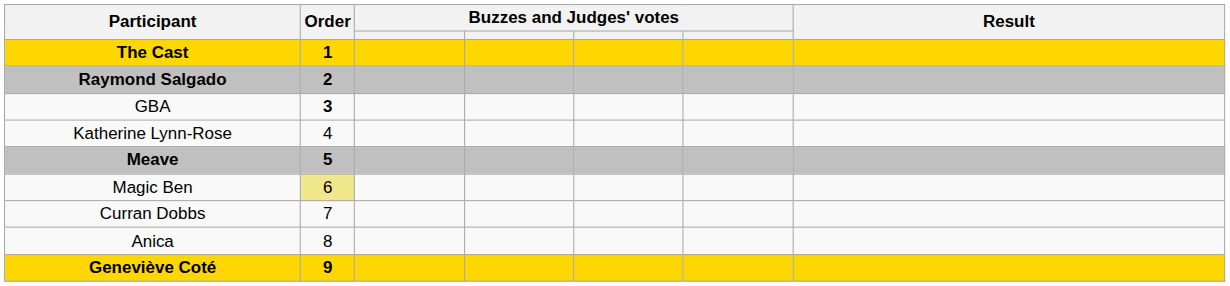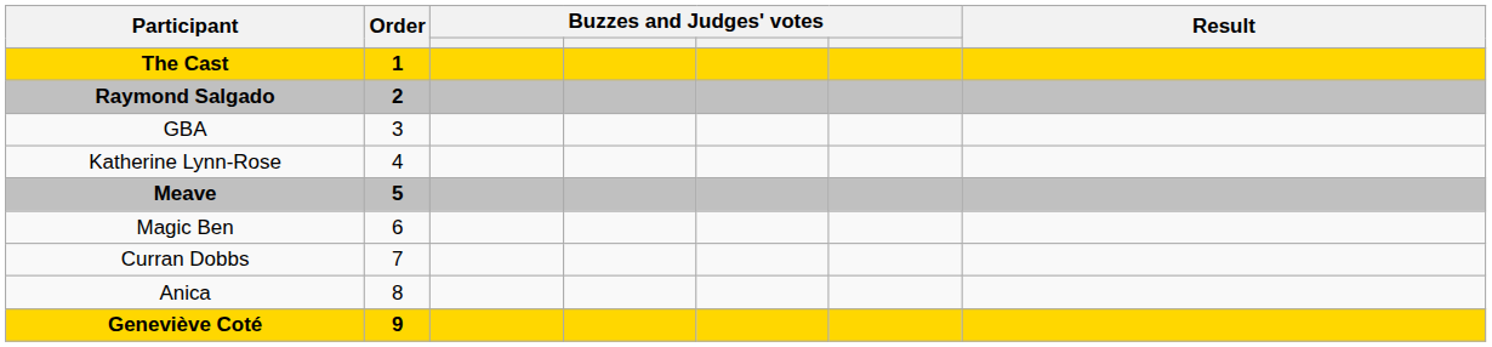 <table class="wikitable plainrowheaders sortable" style="text-align:center;">
 <tr>
 <th scope="col" rowspan="2" class="unsortable" style="width:17em;">Participant</th>
 <th scope="col" rowspan="2" style="width:1em;">Order</th>
 <th scope="col" colspan="4" class="unsortable" style="width:24em;">Buzzes and Judges' votes</th>
 <th scope="col" rowspan="2" style="width:25em;">Result</th>
 </tr>
 <tr>
 <th scope="col" class="unsortable" style="width:6em;"></th>
 <th scope="col" class="unsortable" style="width:6em;"></th>
 <th scope="col" class="unsortable" style="width:6em;"></th>
 <th scope="col" class="unsortable" style="width:6em;"></th>
 </tr>
 <tr style="background:gold;">
 <td><strong>The Cast</strong></td>
 <td><strong>1</strong></td>
 <td style="text-align:center"></td>
 <td style="text-align:center"></td>
 <td style="text-align:center"></td>
 <td style="text-align:center"></td>
 <td><strong></strong></td>
 </tr>
 <tr style="background:silver;">
 <td><strong>Raymond Salgado</strong></td>
 <td><strong>2</strong></td>
 <td style="text-align:center"></td>
 <td style="text-align:center"></td>
 <td style="text-align:center"></td>
 <td style="text-align:center"></td>
 <td><strong></strong></td>
 </tr>
 <tr>
 <td>GBA</td>
-<td><strong>3</strong></td>
+<td>3</td>
 <td style="text-align:center"></td>
 <td style="text-align:center"></td>
 <td style="text-align:center"></td>
 <td style="text-align:center"></td>
 <td></td>
 </tr>
 <tr>
 <td>Katherine Lynn-Rose</td>
 <td>4</td>
 <td style="text-align:center"></td>
 <td style="text-align:center"></td>
 <td style="text-align:center"></td>
 <td style="text-align:center"></td>
 <td></td>
 </tr>
 <tr style="background:silver;">
 <td><strong>Meave</strong></td>
 <td><strong>5</strong></td>
 <td style="text-align:center"></td>
 <td style="text-align:center"></td>
 <td style="text-align:center"></td>
 <td style="text-align:center"></td>
 <td><strong></strong></td>
 </tr>
 <tr>
 <td>Magic Ben</td>
-<td style="background: khaki;">6</td>
+<td>6</td>
 <td style="text-align:center"></td>
 <td style="text-align:center"></td>
 <td style="text-align:center"></td>
 <td style="text-align:center"></td>
 <td></td>
 </tr>
 <tr>
 <td>Curran Dobbs</td>
 <td>7</td>
 <td style="text-align:center"></td>
 <td style="text-align:center"></td>
 <td style="text-align:center"></td>
 <td style="text-align:center"></td>
 <td></td>
 </tr>
 <tr>
 <td>Anica</td>
 <td>8</td>
 <td style="text-align:center"></td>
 <td style="text-align:center"></td>
 <td style="text-align:center"></td>
 <td style="text-align:center"></td>
 <td></td>
 </tr>
 <tr style="background:gold;">
 <td><strong>Geneviève Coté</strong></td>
 <td><strong>9</strong></td>
 <td style="text-align:center"></td>
 <td style="text-align:center"></td>
 <td style="text-align:center"></td>
 <td style="text-align:center"></td>
 <td><strong></strong></td>
 </tr>
 </table>
